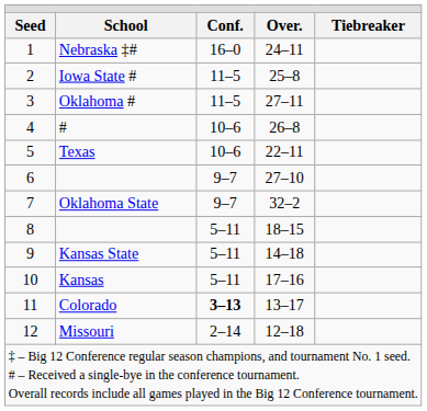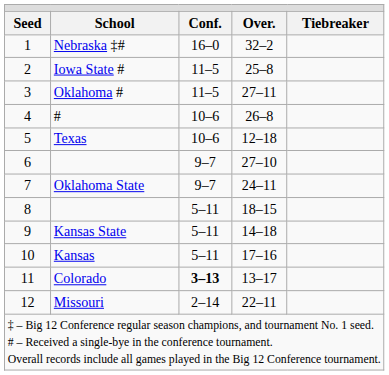 <table class="wikitable" style="white-space:nowrap; font-size:90%;text-align:center">
 <tr>
 <td colspan="10" style="text-align:center; background:#DDDDDD; font:#000000"><strong></strong></td>
 </tr>
 <tr bgcolor="#efefef">
 <th>Seed</th>
 <th>School</th>
 <th>Conf.</th>
 <th>Over.</th>
 <th>Tiebreaker</th>
 </tr>
 <tr>
 <td>1</td>
 <td align=left><a href='#'>Nebraska</a> ‡#</td>
 <td>16–0</td>
-<td>24–11</td>
+<td>32–2</td>
 <td></td>
 </tr>
 <tr>
 <td>2</td>
 <td align=left><a href='#'>Iowa State</a> #</td>
 <td>11–5</td>
 <td>25–8</td>
 <td></td>
 </tr>
 <tr>
 <td>3</td>
 <td align=left><a href='#'>Oklahoma</a> #</td>
 <td>11–5</td>
 <td>27–11</td>
 <td></td>
 </tr>
 <tr>
 <td>4</td>
 <td align=left> #</td>
 <td>10–6</td>
 <td>26–8</td>
 <td></td>
 </tr>
 <tr>
 <td>5</td>
 <td align=left><a href='#'>Texas</a></td>
 <td>10–6</td>
-<td>22–11</td>
+<td>12–18</td>
 <td></td>
 </tr>
 <tr>
 <td>6</td>
 <td align=left></td>
 <td>9–7</td>
 <td>27–10</td>
 <td></td>
 </tr>
 <tr>
 <td>7</td>
 <td align=left><a href='#'>Oklahoma State</a></td>
 <td>9–7</td>
-<td>32–2</td>
+<td>24–11</td>
 <td></td>
 </tr>
 <tr>
 <td>8</td>
 <td align=left></td>
 <td>5–11</td>
 <td>18–15</td>
 <td></td>
 </tr>
 <tr>
 <td>9</td>
 <td align=left><a href='#'>Kansas State</a></td>
 <td>5–11</td>
 <td>14–18</td>
 <td></td>
 </tr>
 <tr>
 <td>10</td>
 <td align=left><a href='#'>Kansas</a></td>
 <td>5–11</td>
 <td>17–16</td>
 <td></td>
 </tr>
 <tr>
 <td>11</td>
 <td align=left><a href='#'>Colorado</a></td>
 <td><strong>3–13</strong></td>
 <td>13–17</td>
 <td></td>
 </tr>
 <tr>
 <td>12</td>
 <td align=left><a href='#'>Missouri</a></td>
 <td>2–14</td>
-<td>12–18</td>
+<td>22–11</td>
 <td></td>
 </tr>
 <tr>
 <td colspan="10" style="text-align:left;"><small>‡ – Big 12 Conference regular season champions, and tournament No. 1 seed.<br># – Received a single-bye in the conference tournament.<br>Overall records include all games played in the Big 12 Conference tournament.</small></td>
 </tr>
 </table>
